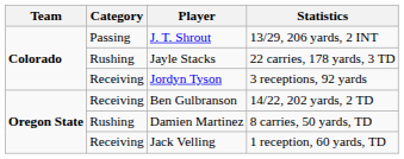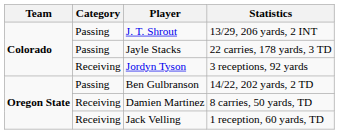 <table class="wikitable" style="float: right;">
 <tr>
 <th>Team</th>
 <th>Category</th>
 <th>Player</th>
 <th>Statistics</th>
 </tr>
 <tr>
 <td rowspan=3><strong>Colorado</strong></td>
 <td>Passing</td>
 <td><a href='#'>J. T. Shrout</a></td>
 <td>13/29, 206 yards, 2 INT</td>
 </tr>
 <tr>
-<td>Rushing</td>
+<td>Passing</td>
 <td>Jayle Stacks</td>
 <td>22 carries, 178 yards, 3 TD</td>
 </tr>
 <tr>
 <td>Receiving</td>
 <td><a href='#'>Jordyn Tyson</a></td>
 <td>3 receptions, 92 yards</td>
 </tr>
 <tr>
 <td rowspan=3><strong>Oregon State</strong></td>
-<td>Receiving</td>
+<td>Passing</td>
 <td>Ben Gulbranson</td>
 <td>14/22, 202 yards, 2 TD</td>
 </tr>
 <tr>
-<td>Rushing</td>
+<td>Receiving</td>
 <td>Damien Martinez</td>
 <td>8 carries, 50 yards, TD</td>
 </tr>
 <tr>
 <td>Receiving</td>
 <td>Jack Velling</td>
 <td>1 reception, 60 yards, TD</td>
 </tr>
 </table>
